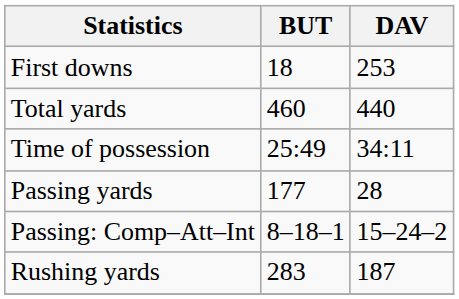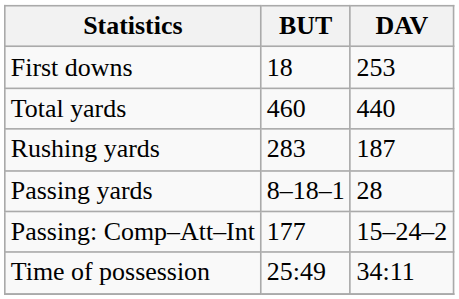 <table class="wikitable" style="float: left;">
 <tr>
 <th>Statistics</th>
 <th>BUT</th>
 <th>DAV</th>
 </tr>
 <tr>
 <td>First downs</td>
 <td>18</td>
 <td>253</td>
 </tr>
 <tr>
 <td>Total yards</td>
 <td>460</td>
 <td>440</td>
 </tr>
 <tr>
+<td>Rushing yards</td>
+<td>283</td>
+<td>187</td>
+</tr>
+<tr>
+<td>Passing yards</td>
+<td>8–18–1</td>
+<td>28</td>
+</tr>
+<tr>
+<td>Passing: Comp–Att–Int</td>
+<td>177</td>
+<td>15–24–2</td>
+</tr>
+<tr>
 <td>Time of possession</td>
 <td>25:49</td>
 <td>34:11</td>
 </tr>
 <tr>
-<td>Passing yards</td>
-<td>177</td>
-<td>28</td>
-</tr>
-<tr>
-<td>Passing: Comp–Att–Int</td>
-<td>8–18–1</td>
-<td>15–24–2</td>
-</tr>
-<tr>
-<td>Rushing yards</td>
-<td>283</td>
-<td>187</td>
-</tr>
-<tr>
 </tr>
 </table>
